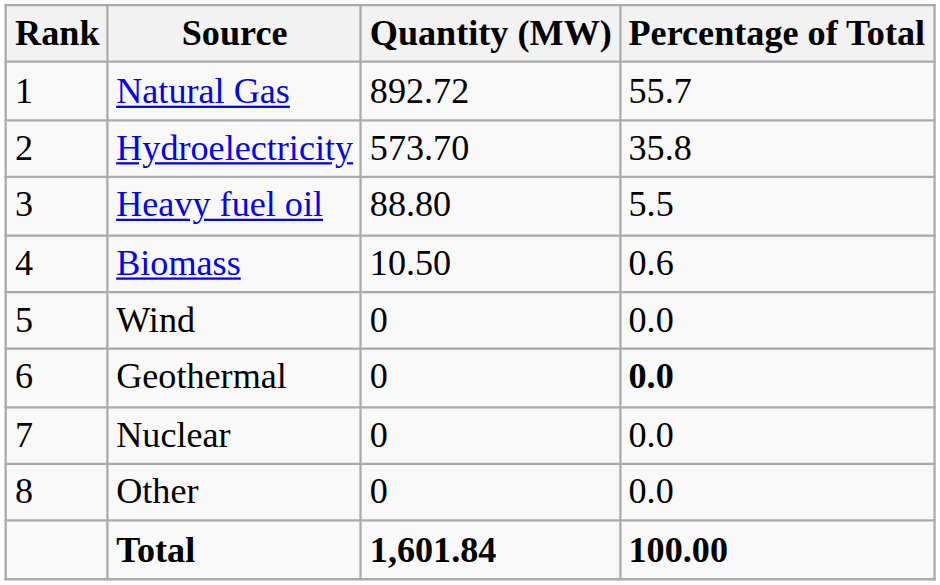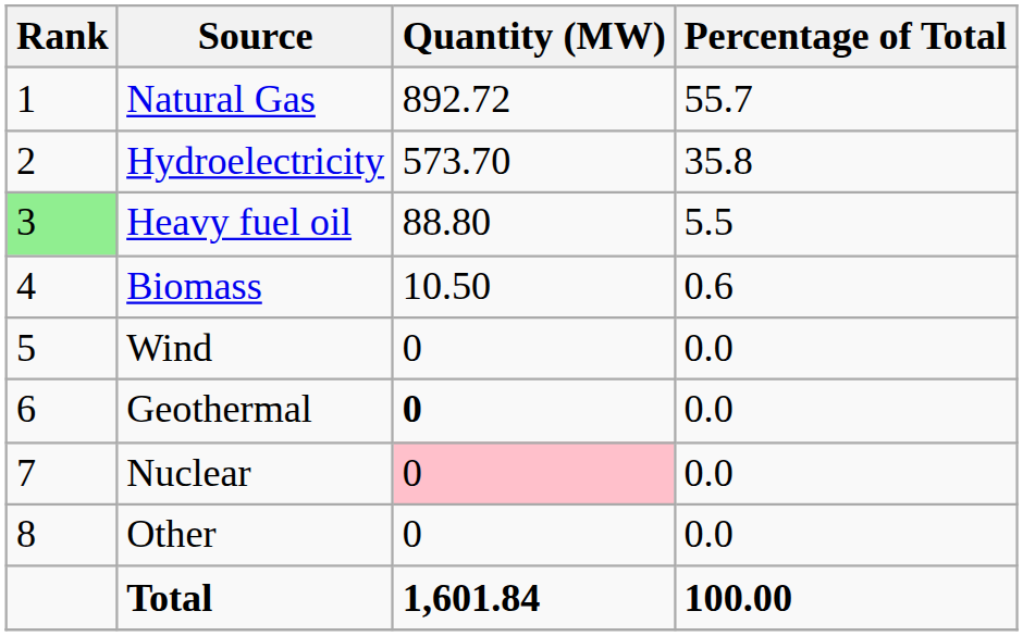 <table class="wikitable sortable" style="margin: 0.5em auto">
 <tr>
 <th>Rank</th>
 <th>Source</th>
 <th>Quantity (MW)</th>
 <th>Percentage of Total</th>
 </tr>
 <tr>
 <td>1</td>
 <td><a href='#'>Natural Gas</a></td>
 <td>892.72</td>
 <td>55.7</td>
 </tr>
 <tr>
 <td>2</td>
 <td><a href='#'>Hydroelectricity</a></td>
 <td>573.70</td>
 <td>35.8</td>
 </tr>
 <tr>
-<td>3</td>
+<td style="background: lightgreen;">3</td>
 <td><a href='#'>Heavy fuel oil</a></td>
 <td>88.80</td>
 <td>5.5</td>
 </tr>
 <tr>
 <td>4</td>
 <td><a href='#'>Biomass</a></td>
 <td>10.50</td>
 <td>0.6</td>
 </tr>
 <tr>
 <td>5</td>
 <td>Wind</td>
 <td>0</td>
 <td>0.0</td>
 </tr>
 <tr>
 <td>6</td>
 <td>Geothermal</td>
-<td>0</td>
-<td><strong>0.0</strong></td>
+<td><strong>0</strong></td>
+<td>0.0</td>
 </tr>
 <tr>
 <td>7</td>
 <td>Nuclear</td>
-<td>0</td>
+<td style="background: pink;">0</td>
 <td>0.0</td>
 </tr>
 <tr>
 <td>8</td>
 <td>Other</td>
 <td>0</td>
 <td>0.0</td>
 </tr>
 <tr>
 <td></td>
 <td><strong>Total</strong></td>
 <td><strong>1,601.84</strong></td>
 <td><strong>100.00</strong></td>
 </tr>
 <tr>
 </tr>
 </table>
